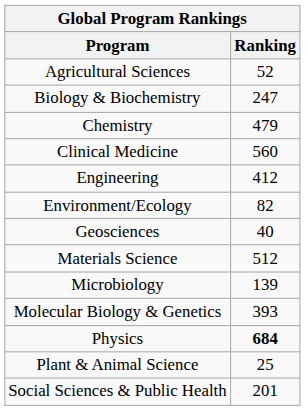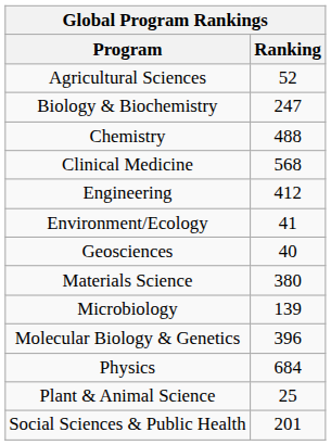 <table class="wikitable sortable collapsible collapsed" style="float: right; text-align: center">
 <tr>
 <th colspan="4">Global Program Rankings</th>
 </tr>
 <tr>
 <th>Program</th>
 <th>Ranking</th>
 </tr>
 <tr>
 <td>Agricultural Sciences</td>
 <td>52</td>
 </tr>
 <tr>
 <td>Biology & Biochemistry</td>
 <td>247</td>
 </tr>
 <tr>
 <td>Chemistry</td>
-<td>479</td>
+<td>488</td>
 </tr>
 <tr>
 <td>Clinical Medicine</td>
-<td>560</td>
+<td>568</td>
 </tr>
 <tr>
 <td>Engineering</td>
 <td>412</td>
 </tr>
 <tr>
 <td>Environment/Ecology</td>
-<td>82</td>
+<td>41</td>
 </tr>
 <tr>
 <td>Geosciences</td>
 <td>40</td>
 </tr>
 <tr>
 <td>Materials Science</td>
-<td>512</td>
+<td>380</td>
 </tr>
 <tr>
 <td>Microbiology</td>
 <td>139</td>
 </tr>
 <tr>
 <td>Molecular Biology & Genetics</td>
-<td>393</td>
+<td>396</td>
 </tr>
 <tr>
 <td>Physics</td>
-<td><strong>684</strong></td>
+<td>684</td>
 </tr>
 <tr>
 <td>Plant & Animal Science</td>
 <td>25</td>
 </tr>
 <tr>
 <td>Social Sciences & Public Health</td>
 <td>201</td>
 </tr>
 </table>
